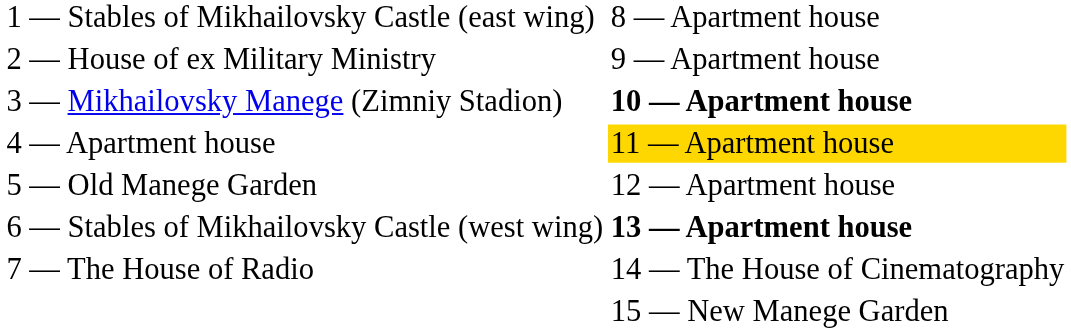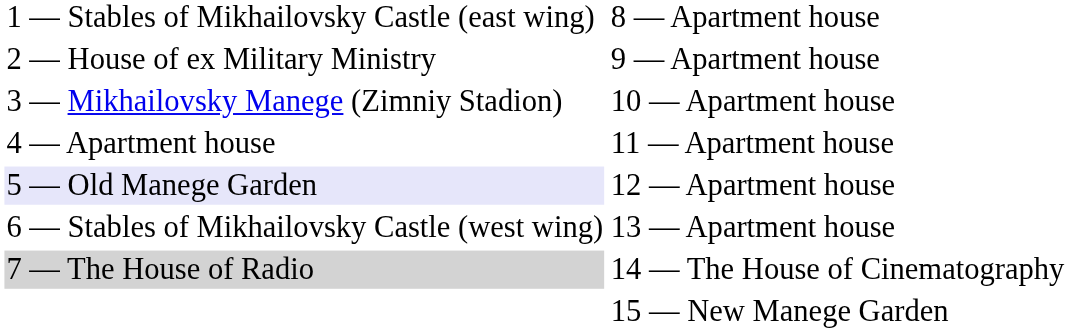 <table style="margin:1em auto;">
 <tr>
 <td colspan=2></td>
 </tr>
 <tr>
 <td>1 — Stables of Mikhailovsky Castle (east wing)</td>
 <td>8 — Apartment house</td>
 </tr>
 <tr>
 <td>2 — House of ex Military Ministry</td>
 <td>9 — Apartment house</td>
 </tr>
 <tr>
 <td>3 — <a href='#'>Mikhailovsky Manege</a> (Zimniy Stadion)</td>
-<td><strong>10 — Apartment house</strong></td>
+<td>10 — Apartment house</td>
 </tr>
 <tr>
 <td>4 — Apartment house</td>
-<td style="background: gold;">11 — Apartment house</td>
+<td>11 — Apartment house</td>
 </tr>
 <tr>
-<td>5 — Old Manege Garden</td>
+<td style="background: lavender;">5 — Old Manege Garden</td>
 <td>12 — Apartment house</td>
 </tr>
 <tr>
 <td>6 — Stables of Mikhailovsky Castle (west wing)</td>
-<td><strong>13 — Apartment house</strong></td>
+<td>13 — Apartment house</td>
 </tr>
 <tr>
-<td>7 — The House of Radio</td>
+<td style="background: lightgrey;">7 — The House of Radio</td>
 <td>14 — The House of Cinematography</td>
 </tr>
 <tr>
 <td></td>
 <td>15 — New Manege Garden</td>
 <td></td>
 </tr>
 </table>
